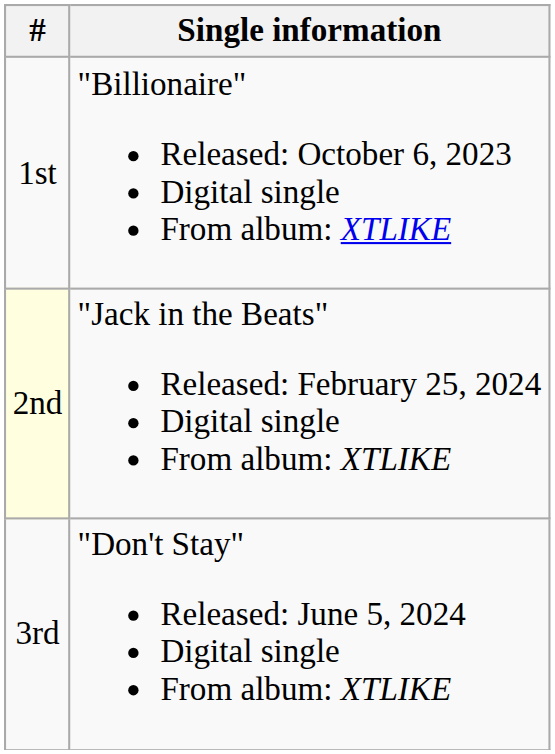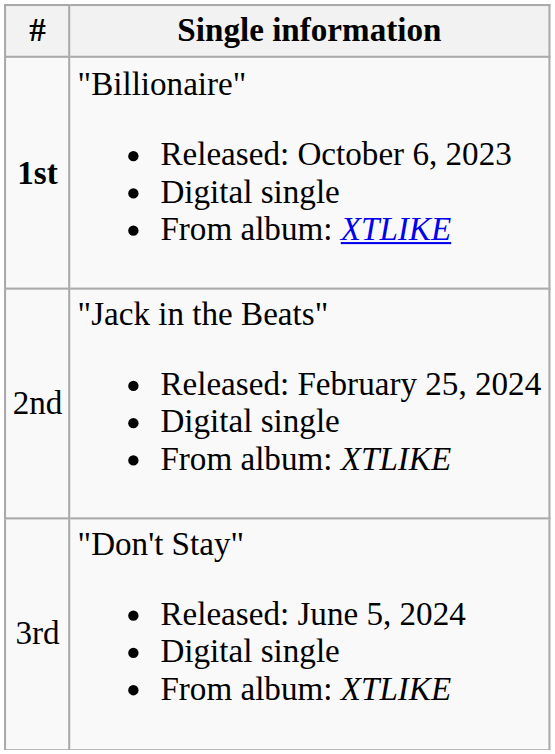 <table class="wikitable">
 <tr>
 <th align="left">#</th>
 <th align="left">Single information</th>
 </tr>
 <tr>
-<td align="center">1st</td>
+<td align="center"><strong>1st</strong></td>
 <td align="left">"Billionaire"<br><ul><li>Released: October 6, 2023</li><li>Digital single</li><li>From album: <em><a href='#'>XTLIKE</a></em></li></ul></td>
 </tr>
 <tr>
-<td align="center" style="background: lightyellow;">2nd</td>
+<td align="center">2nd</td>
 <td align="left">"Jack in the Beats"<br><ul><li>Released: February 25, 2024</li><li>Digital single</li><li>From album: <em>XTLIKE</em></li></ul></td>
 </tr>
 <tr>
 <td align="center">3rd</td>
 <td align="left">"Don't Stay"<br><ul><li>Released: June 5, 2024</li><li>Digital single</li><li>From album: <em>XTLIKE</em></li></ul></td>
 </tr>
 </table>
